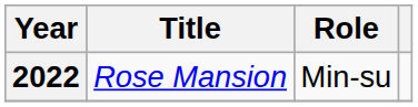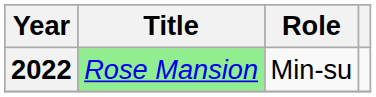 <table class="wikitable sortable plainrowheaders">
 <tr>
 <th scope="col">Year</th>
 <th scope="col">Title</th>
 <th scope="col">Role</th>
 <th scope="col" class="unsortable"></th>
 </tr>
 <tr>
 <th scope="row">2022</th>
-<td><em><a href='#'>Rose Mansion</a></em></td>
+<td style="background: lightgreen;"><em><a href='#'>Rose Mansion</a></em></td>
 <td>Min-su</td>
 <td></td>
 </tr>
 <tr>
 </tr>
 </table>
